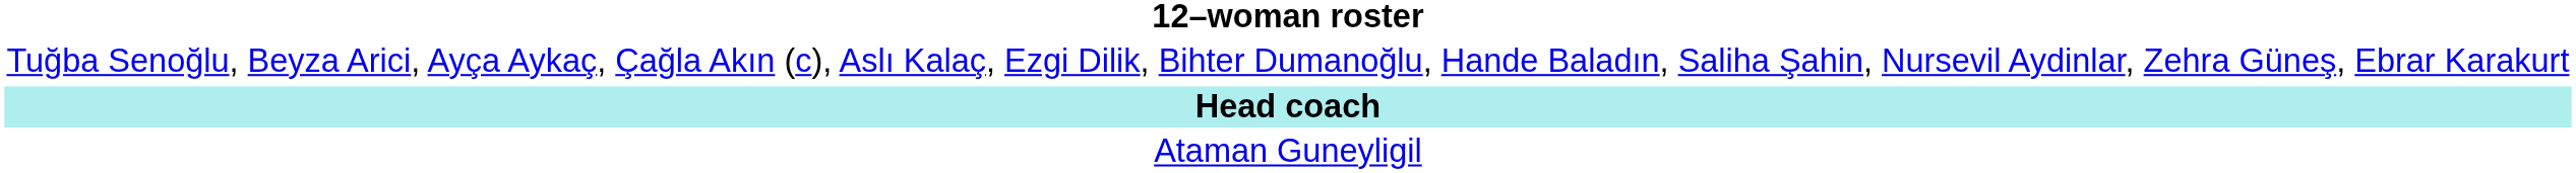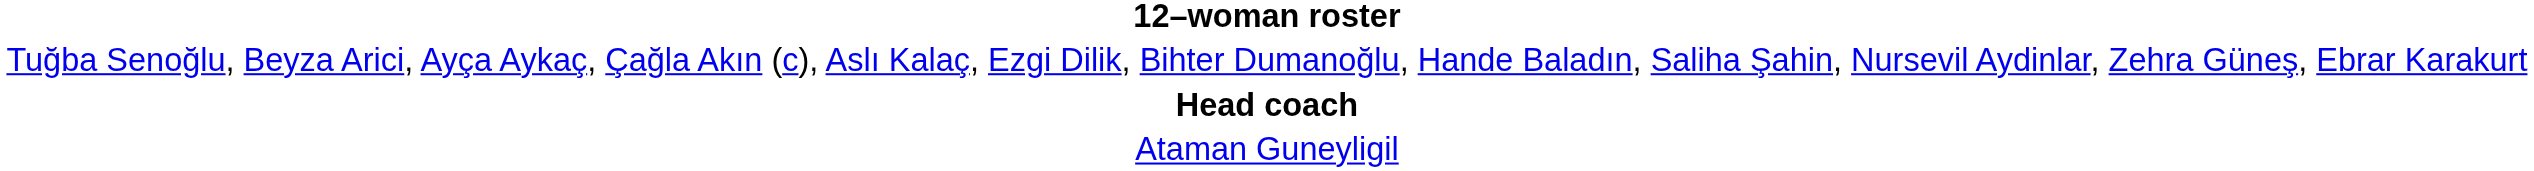 <table style="text-align: center; margin-top: 2em; margin-left: auto; margin-right: auto">
 <tr>
 <td><strong>12–woman roster</strong></td>
 </tr>
 <tr>
 <td><a href='#'>Tuğba Senoğlu</a>, <a href='#'>Beyza Arici</a>, <a href='#'>Ayça Aykaç</a>, <a href='#'>Çağla Akın</a> (<a href='#'>c</a>), <a href='#'>Aslı Kalaç</a>, <a href='#'>Ezgi Dilik</a>, <a href='#'>Bihter Dumanoğlu</a>, <a href='#'>Hande Baladın</a>, <a href='#'>Saliha Şahin</a>, <a href='#'>Nursevil Aydinlar</a>, <a href='#'>Zehra Güneş</a>, <a href='#'>Ebrar Karakurt</a></td>
 </tr>
 <tr>
-<td style="background: paleturquoise;"><strong>Head coach</strong></td>
+<td><strong>Head coach</strong></td>
 </tr>
 <tr>
 <td><a href='#'>Ataman Guneyligil</a></td>
 </tr>
 </table>
